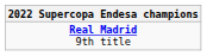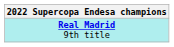 <table class=wikitable style="text-align:center; margin:auto">
 <tr>
 <th>2022 Supercopa Endesa champions</th>
 </tr>
 <tr>
-<td><strong><a href='#'>Real Madrid</a></strong><br>9th title</td>
+<td style="background: paleturquoise;"><strong><a href='#'>Real Madrid</a></strong><br>9th title</td>
 </tr>
 </table>
